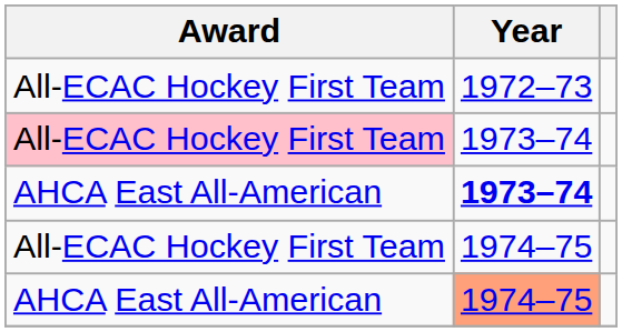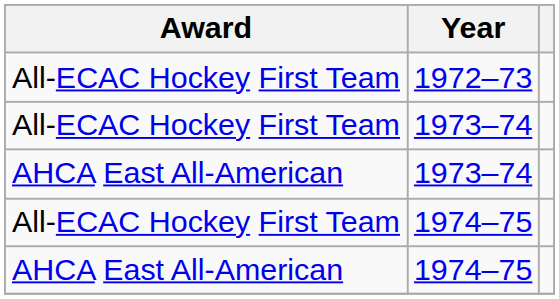 <table class="wikitable">
 <tr>
 <th>Award</th>
 <th>Year</th>
 <th></th>
 </tr>
 <tr>
 <td>All-<a href='#'>ECAC Hockey</a> <a href='#'>First Team</a></td>
 <td><a href='#'>1972–73</a></td>
 <td></td>
 </tr>
 <tr>
-<td style="background: pink;">All-<a href='#'>ECAC Hockey</a> <a href='#'>First Team</a></td>
+<td>All-<a href='#'>ECAC Hockey</a> <a href='#'>First Team</a></td>
 <td><a href='#'>1973–74</a></td>
 <td></td>
 </tr>
 <tr>
 <td><a href='#'>AHCA</a> <a href='#'>East All-American</a></td>
-<td><strong><a href='#'>1973–74</a></strong></td>
+<td><a href='#'>1973–74</a></td>
 <td></td>
 </tr>
 <tr>
 <td>All-<a href='#'>ECAC Hockey</a> <a href='#'>First Team</a></td>
 <td><a href='#'>1974–75</a></td>
 <td></td>
 </tr>
 <tr>
 <td><a href='#'>AHCA</a> <a href='#'>East All-American</a></td>
-<td style="background: lightsalmon;"><a href='#'>1974–75</a></td>
+<td><a href='#'>1974–75</a></td>
 <td></td>
 </tr>
 <tr>
 </tr>
 </table>
